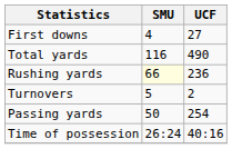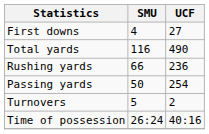 <table class="wikitable">
 <tr>
 <th>Statistics</th>
 <th>SMU</th>
 <th>UCF</th>
 </tr>
 <tr>
 <td>First downs</td>
 <td>4</td>
 <td>27</td>
 </tr>
 <tr>
 <td>Total yards</td>
 <td>116</td>
 <td>490</td>
 </tr>
 <tr>
 <td>Rushing yards</td>
-<td style="background: lightyellow;">66</td>
+<td>66</td>
 <td>236</td>
+</tr>
+<tr>
+<td>Passing yards</td>
+<td>50</td>
+<td>254</td>
 </tr>
 <tr>
 <td>Turnovers</td>
 <td>5</td>
 <td>2</td>
-</tr>
-<tr>
-<td>Passing yards</td>
-<td>50</td>
-<td>254</td>
 </tr>
 <tr>
 <td>Time of possession</td>
 <td>26:24</td>
 <td>40:16</td>
 </tr>
 <tr>
 </tr>
 </table>
